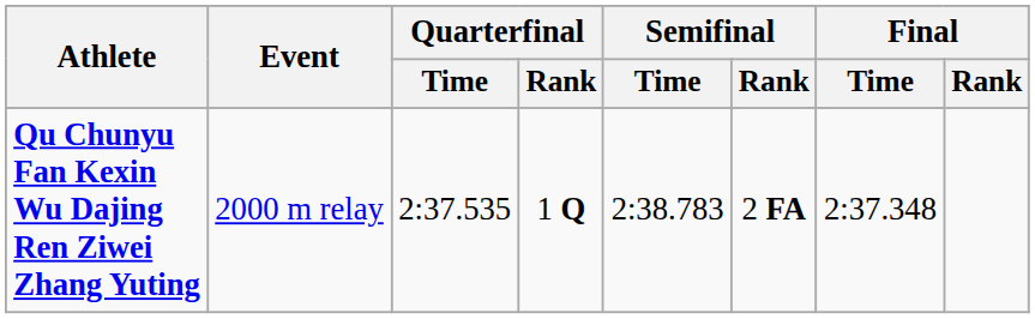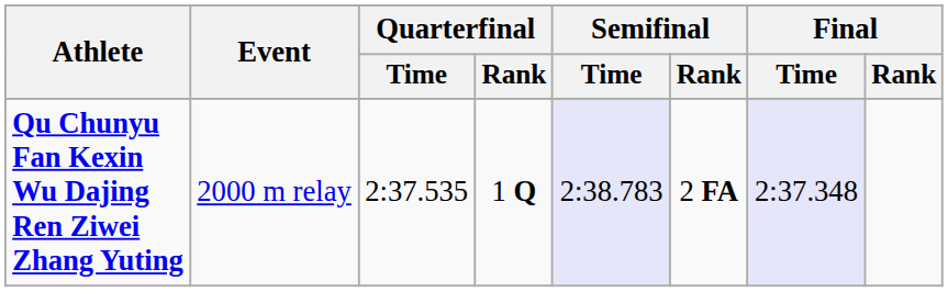 <table class="wikitable" style="font-size:90%">
 <tr>
 <th rowspan=2>Athlete</th>
 <th rowspan=2>Event</th>
 <th colspan=2>Quarterfinal</th>
 <th colspan=2>Semifinal</th>
 <th colspan=2>Final</th>
 </tr>
 <tr style="font-size:95%">
 <th>Time</th>
 <th>Rank</th>
 <th>Time</th>
 <th>Rank</th>
 <th>Time</th>
 <th>Rank</th>
 </tr>
 <tr align=center>
 <td align=left><strong><a href='#'>Qu Chunyu</a><br><a href='#'>Fan Kexin</a><br><a href='#'>Wu Dajing</a><br><a href='#'>Ren Ziwei</a><br><a href='#'>Zhang Yuting</a></strong></td>
 <td align=left><a href='#'>2000 m relay</a></td>
 <td>2:37.535</td>
 <td>1 <strong>Q</strong></td>
-<td>2:38.783</td>
+<td style="background: lavender;">2:38.783</td>
 <td>2 <strong>FA</strong></td>
-<td>2:37.348</td>
+<td style="background: lavender;">2:37.348</td>
 <td></td>
 </tr>
 </table>
